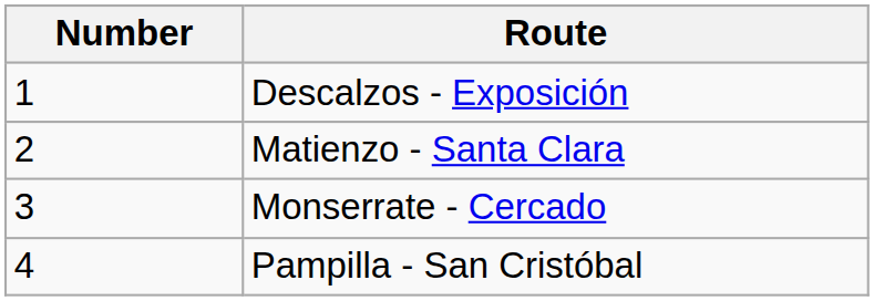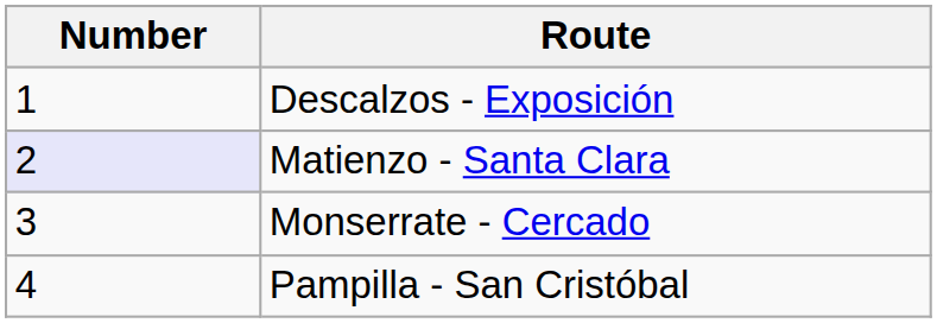 <table class="wikitable" border="1" align="center" width=30%>
 <tr bgcolor="#ececec">
 <th>Number</th>
 <th>Route</th>
 </tr>
 <tr>
 <td>1</td>
 <td>Descalzos - <a href='#'>Exposición</a></td>
 </tr>
 <tr>
-<td>2</td>
+<td style="background: lavender;">2</td>
 <td>Matienzo - <a href='#'>Santa Clara</a></td>
 </tr>
 <tr>
 <td>3</td>
 <td>Monserrate - <a href='#'>Cercado</a></td>
 </tr>
 <tr>
 <td>4</td>
 <td>Pampilla - San Cristóbal</td>
 </tr>
 </table>
